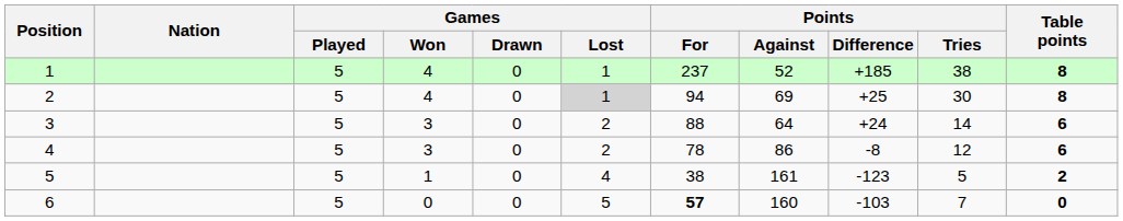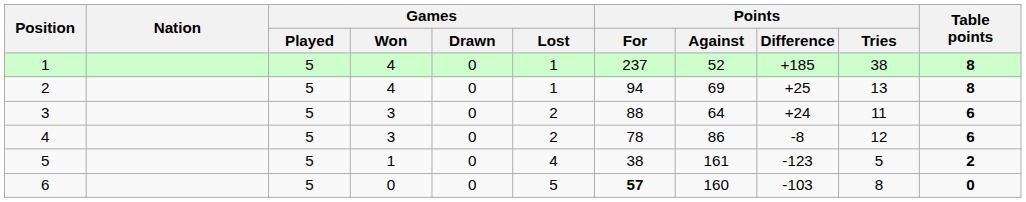 <table class="wikitable" style="text-align: center;">
 <tr>
 <th rowspan=2 width="8%">Position</th>
 <th rowspan=2 width="18%">Nation</th>
 <th colspan=4 width="32%">Games</th>
 <th colspan=4 width="32%">Points</th>
 <th rowspan=2 width="10%">Table<br>points</th>
 </tr>
 <tr>
 <th width="8%">Played</th>
 <th width="8%">Won</th>
 <th width="8%">Drawn</th>
 <th width="8%">Lost</th>
 <th width="8%">For</th>
 <th width="8%">Against</th>
 <th width="8%">Difference</th>
 <th width="8%">Tries</th>
 </tr>
 <tr bgcolor=#ccffcc align=center>
 <td>1</td>
 <td align=left></td>
 <td>5</td>
 <td>4</td>
 <td>0</td>
 <td>1</td>
 <td>237</td>
 <td>52</td>
 <td>+185</td>
 <td>38</td>
 <td><strong>8</strong></td>
 </tr>
 <tr>
 <td>2</td>
 <td align=left></td>
 <td>5</td>
 <td>4</td>
 <td>0</td>
-<td style="background: lightgrey;">1</td>
+<td>1</td>
 <td>94</td>
 <td>69</td>
 <td>+25</td>
-<td>30</td>
+<td>13</td>
 <td><strong>8</strong></td>
 </tr>
 <tr>
 <td>3</td>
 <td align=left></td>
 <td>5</td>
 <td>3</td>
 <td>0</td>
 <td>2</td>
 <td>88</td>
 <td>64</td>
 <td>+24</td>
-<td>14</td>
+<td>11</td>
 <td><strong>6</strong></td>
 </tr>
 <tr>
 <td>4</td>
 <td align=left></td>
 <td>5</td>
 <td>3</td>
 <td>0</td>
 <td>2</td>
 <td>78</td>
 <td>86</td>
 <td>-8</td>
 <td>12</td>
 <td><strong>6</strong></td>
 </tr>
 <tr>
 <td>5</td>
 <td align=left></td>
 <td>5</td>
 <td>1</td>
 <td>0</td>
 <td>4</td>
 <td>38</td>
 <td>161</td>
 <td>-123</td>
 <td>5</td>
 <td><strong>2</strong></td>
 </tr>
 <tr>
 <td>6</td>
 <td align=left></td>
 <td>5</td>
 <td>0</td>
 <td>0</td>
 <td>5</td>
 <td><strong>57</strong></td>
 <td>160</td>
 <td>-103</td>
-<td>7</td>
+<td>8</td>
 <td><strong>0</strong></td>
 </tr>
 </table>
